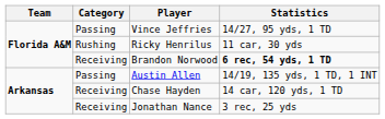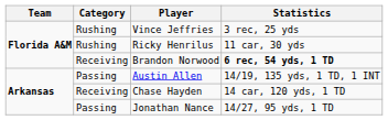 <table class="wikitable" style="float: right;">
 <tr>
 <th>Team</th>
 <th>Category</th>
 <th>Player</th>
 <th>Statistics</th>
 </tr>
 <tr>
 <td rowspan=3><strong>Florida A&M</strong></td>
-<td>Passing</td>
+<td>Rushing</td>
 <td>Vince Jeffries</td>
-<td>14/27, 95 yds, 1 TD</td>
+<td>3 rec, 25 yds</td>
 </tr>
 <tr>
 <td>Rushing</td>
 <td>Ricky Henrilus</td>
 <td>11 car, 30 yds</td>
 </tr>
 <tr>
 <td>Receiving</td>
 <td>Brandon Norwood</td>
 <td><strong>6 rec, 54 yds, 1 TD</strong></td>
 </tr>
 <tr>
 <td rowspan=3><strong>Arkansas</strong></td>
 <td>Passing</td>
 <td><a href='#'>Austin Allen</a></td>
 <td>14/19, 135 yds, 1 TD, 1 INT</td>
 </tr>
 <tr>
 <td>Receiving</td>
 <td>Chase Hayden</td>
 <td>14 car, 120 yds, 1 TD</td>
 </tr>
 <tr>
-<td>Receiving</td>
+<td>Passing</td>
 <td>Jonathan Nance</td>
-<td>3 rec, 25 yds</td>
+<td>14/27, 95 yds, 1 TD</td>
 </tr>
 </table>
